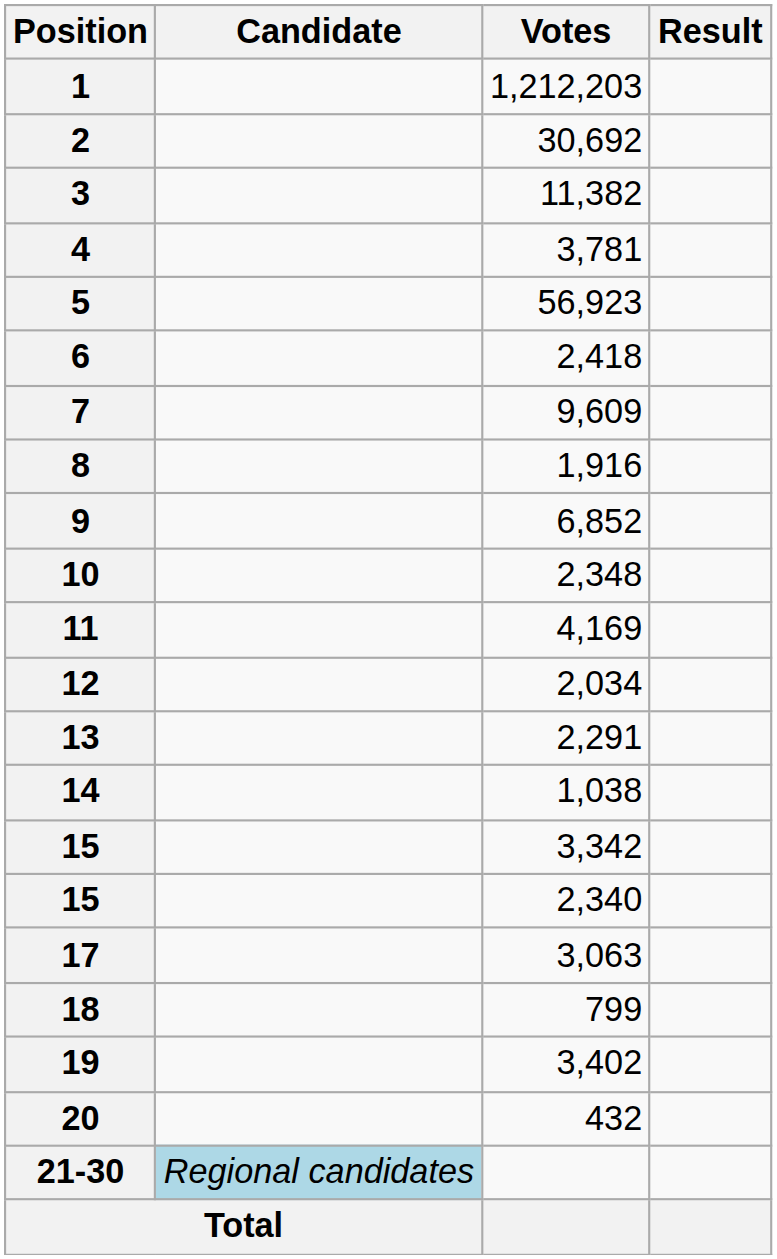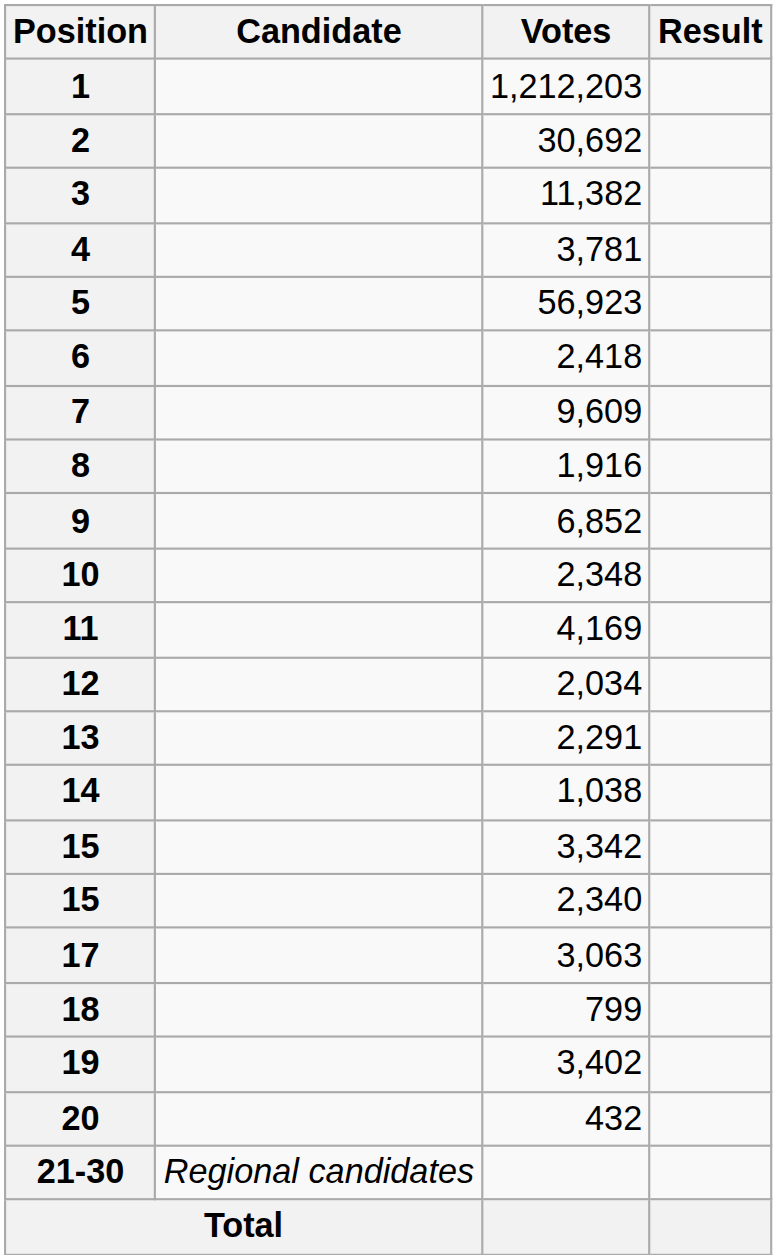 <table class="wikitable sortable">
 <tr>
 <th scope="col">Position</th>
 <th scope="col">Candidate</th>
 <th scope="col">Votes</th>
 <th scope="col">Result</th>
 </tr>
 <tr>
 <th scope="row">1</th>
 <td></td>
 <td style="text-align:right">1,212,203</td>
 <td></td>
 </tr>
 <tr>
 <th scope="row">2</th>
 <td></td>
 <td style="text-align:right">30,692</td>
 <td></td>
 </tr>
 <tr>
 <th scope="row">3</th>
 <td></td>
 <td style="text-align:right">11,382</td>
 <td></td>
 </tr>
 <tr>
 <th scope="row">4</th>
 <td></td>
 <td style="text-align:right">3,781</td>
 <td></td>
 </tr>
 <tr>
 <th scope="row">5</th>
 <td></td>
 <td style="text-align:right">56,923</td>
 <td></td>
 </tr>
 <tr>
 <th scope="row">6</th>
 <td></td>
 <td style="text-align:right">2,418</td>
 <td></td>
 </tr>
 <tr>
 <th scope="row">7</th>
 <td></td>
 <td style="text-align:right">9,609</td>
 <td></td>
 </tr>
 <tr>
 <th scope="row">8</th>
 <td></td>
 <td style="text-align:right">1,916</td>
 <td></td>
 </tr>
 <tr>
 <th scope="row">9</th>
 <td></td>
 <td style="text-align:right">6,852</td>
 <td></td>
 </tr>
 <tr>
 <th scope="row">10</th>
 <td></td>
 <td style="text-align:right">2,348</td>
 <td></td>
 </tr>
 <tr>
 <th scope="row">11</th>
 <td></td>
 <td style="text-align:right">4,169</td>
 <td></td>
 </tr>
 <tr>
 <th scope="row">12</th>
 <td></td>
 <td style="text-align:right">2,034</td>
 <td></td>
 </tr>
 <tr>
 <th scope="row">13</th>
 <td></td>
 <td style="text-align:right">2,291</td>
 <td></td>
 </tr>
 <tr>
 <th scope="row">14</th>
 <td></td>
 <td style="text-align:right">1,038</td>
 <td></td>
 </tr>
 <tr>
 <th scope="row">15</th>
 <td></td>
 <td style="text-align:right">3,342</td>
 <td></td>
 </tr>
 <tr>
 <th scope="row">15</th>
 <td></td>
 <td style="text-align:right">2,340</td>
 <td></td>
 </tr>
 <tr>
 <th scope="row">17</th>
 <td></td>
 <td style="text-align:right">3,063</td>
 <td></td>
 </tr>
 <tr>
 <th scope="row">18</th>
 <td></td>
 <td style="text-align:right">799</td>
 <td></td>
 </tr>
 <tr>
 <th scope="row">19</th>
 <td></td>
 <td style="text-align:right">3,402</td>
 <td></td>
 </tr>
 <tr>
 <th scope="row">20</th>
 <td></td>
 <td style="text-align:right">432</td>
 <td></td>
 </tr>
 <tr>
 <th scope="row">21-30</th>
-<td style="background: lightblue;"><em>Regional candidates</em></td>
+<td><em>Regional candidates</em></td>
 <td style="text-align:right"></td>
 <td></td>
 </tr>
 <tr class="sortbottom">
 <th scope="row" colspan="2">Total</th>
 <th style="text-align:right"></th>
 <th></th>
 </tr>
 </table>
